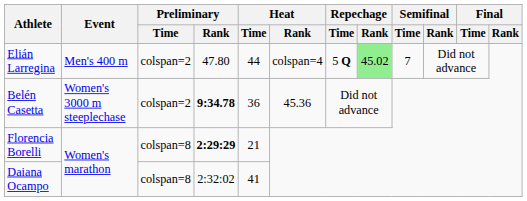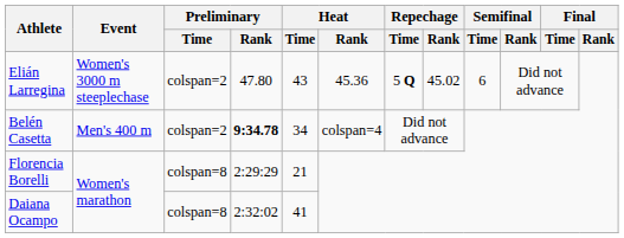 <table class="wikitable" style="font-size:90%">
 <tr>
 <th rowspan=2>Athlete</th>
 <th rowspan=2>Event</th>
 <th colspan=2>Preliminary</th>
 <th colspan=2>Heat</th>
 <th colspan=2>Repechage</th>
 <th colspan=2>Semifinal</th>
 <th colspan=2>Final</th>
 </tr>
 <tr style=font-size:95%>
 <th>Time</th>
 <th>Rank</th>
 <th>Time</th>
 <th>Rank</th>
 <th>Time</th>
 <th>Rank</th>
 <th>Time</th>
 <th>Rank</th>
 <th>Time</th>
 <th>Rank</th>
 </tr>
 <tr align=center>
 <td align=left><a href='#'>Elián Larregina</a></td>
-<td align=left><a href='#'>Men's 400 m</a></td>
+<td align=left><a href='#'>Women's 3000 m steeplechase</a></td>
 <td>colspan=2 </td>
 <td>47.80</td>
-<td>44</td>
-<td>colspan=4 </td>
+<td>43</td>
+<td>45.36</td>
 <td>5 <strong>Q</strong></td>
-<td style="background: lightgreen;">45.02</td>
-<td>7</td>
+<td>45.02</td>
+<td>6</td>
 <td colspan=2>Did not advance</td>
 </tr>
 <tr align=center>
 <td align=left><a href='#'>Belén Casetta</a></td>
-<td align=left><a href='#'>Women's 3000 m steeplechase</a></td>
+<td align=left><a href='#'>Men's 400 m</a></td>
 <td>colspan=2 </td>
 <td><strong>9:34.78</strong></td>
-<td>36</td>
-<td>45.36</td>
+<td>34</td>
+<td>colspan=4 </td>
 <td colspan=2>Did not advance</td>
 </tr>
 <tr align=center>
 <td align=left><a href='#'>Florencia Borelli</a></td>
 <td align=left rowspan=2><a href='#'>Women's marathon</a></td>
 <td>colspan=8</td>
-<td><strong>2:29:29</strong></td>
+<td>2:29:29</td>
 <td>21</td>
 </tr>
 <tr align=center>
 <td align=left><a href='#'>Daiana Ocampo</a></td>
 <td>colspan=8</td>
 <td>2:32:02</td>
 <td>41</td>
 </tr>
 </table>
